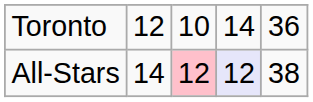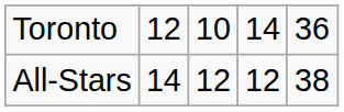 <table class="wikitable">
 <tr>
 <td>Toronto</td>
 <td>12</td>
 <td>10</td>
 <td>14</td>
 <td>36</td>
 </tr>
 <tr>
 <td>All-Stars</td>
 <td>14</td>
-<td style="background: pink;">12</td>
-<td style="background: lavender;">12</td>
+<td>12</td>
+<td>12</td>
 <td>38</td>
 </tr>
 </table>
